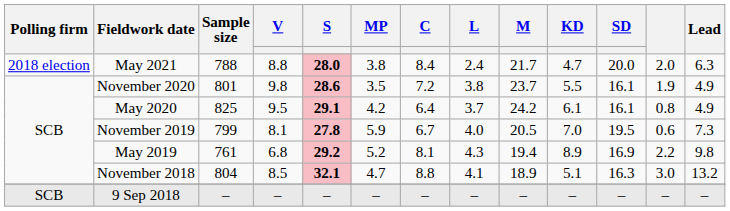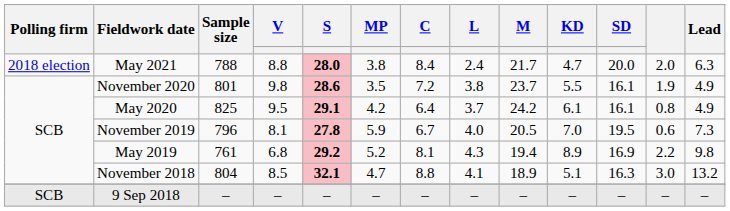 <table class="wikitable sortable" style="text-align:center;font-size:90%;line-height:14px;">
 <tr style="height:40px;">
 <th rowspan="2">Polling firm</th>
 <th rowspan="2">Fieldwork date</th>
 <th rowspan="2">Sample<br>size</th>
 <th class="sortable" style="width:40px;"><a href='#'>V</a></th>
 <th class="sortable" style="width:40px;"><a href='#'>S</a></th>
 <th class="sortable" style="width:40px;"><a href='#'>MP</a></th>
 <th class="sortable" style="width:40px;"><a href='#'>C</a></th>
 <th class="sortable" style="width:40px;"><a href='#'>L</a></th>
 <th class="sortable" style="width:40px;"><a href='#'>M</a></th>
 <th class="sortable" style="width:40px;"><a href='#'>KD</a></th>
 <th class="sortable" style="width:40px;"><a href='#'>SD</a></th>
 <th class="sortable" style="width:30px;" rowspan="2"></th>
 <th style="width:30px;" rowspan="2">Lead</th>
 </tr>
 <tr>
 <th style="background:"></th>
 <th style="background:"></th>
 <th style="background:"></th>
 <th style="background:"></th>
 <th style="background:"></th>
 <th style="background:"></th>
 <th style="background:"></th>
 <th style="background:"></th>
 </tr>
 <tr>
 <td><a href='#'>2018 election</a></td>
 <td>May 2021</td>
 <td>788</td>
 <td>8.8</td>
 <td style="background:#F9BDC5;"><strong>28.0</strong></td>
 <td>3.8</td>
 <td>8.4</td>
 <td>2.4</td>
 <td>21.7</td>
 <td>4.7</td>
 <td>20.0</td>
 <td>2.0</td>
 <td style="background:">6.3</td>
 </tr>
 <tr>
 <td rowspan="5">SCB</td>
 <td>November 2020</td>
 <td>801</td>
 <td>9.8</td>
 <td style="background:#F9BDC5;"><strong>28.6</strong></td>
 <td>3.5</td>
 <td>7.2</td>
 <td>3.8</td>
 <td>23.7</td>
 <td>5.5</td>
 <td>16.1</td>
 <td>1.9</td>
 <td style="background:">4.9</td>
 </tr>
 <tr>
 <td>May 2020</td>
 <td>825</td>
 <td>9.5</td>
 <td style="background:#F9BDC5;"><strong>29.1</strong></td>
 <td>4.2</td>
 <td>6.4</td>
 <td>3.7</td>
 <td>24.2</td>
 <td>6.1</td>
 <td>16.1</td>
 <td>0.8</td>
 <td style="background:">4.9</td>
 </tr>
 <tr>
 <td>November 2019</td>
-<td>799</td>
+<td>796</td>
 <td>8.1</td>
 <td style="background:#F9BDC5;"><strong>27.8</strong></td>
 <td>5.9</td>
 <td>6.7</td>
 <td>4.0</td>
 <td>20.5</td>
 <td>7.0</td>
 <td>19.5</td>
 <td>0.6</td>
 <td style="background:">7.3</td>
 </tr>
 <tr>
 <td>May 2019</td>
 <td>761</td>
 <td>6.8</td>
 <td style="background:#F9BDC5;"><strong>29.2</strong></td>
 <td>5.2</td>
 <td>8.1</td>
 <td>4.3</td>
 <td>19.4</td>
 <td>8.9</td>
 <td>16.9</td>
 <td>2.2</td>
 <td style="background:">9.8</td>
 </tr>
 <tr>
 <td>November 2018</td>
 <td>804</td>
 <td>8.5</td>
 <td style="background:#F9BDC5;"><strong>32.1</strong></td>
 <td>4.7</td>
 <td>8.8</td>
 <td>4.1</td>
 <td>18.9</td>
 <td>5.1</td>
 <td>16.3</td>
 <td>3.0</td>
 <td style="background:">13.2</td>
 </tr>
 <tr>
 </tr>
 <tr style="background:#E9E9E9;">
 <td>SCB</td>
 <td data-sort-value="2018-09-09">9 Sep 2018</td>
 <td>–</td>
 <td>–</td>
 <td>–</td>
 <td>–</td>
 <td>–</td>
 <td>–</td>
 <td>–</td>
 <td>–</td>
 <td>–</td>
 <td>–</td>
 <td>–</td>
 </tr>
 </table>
